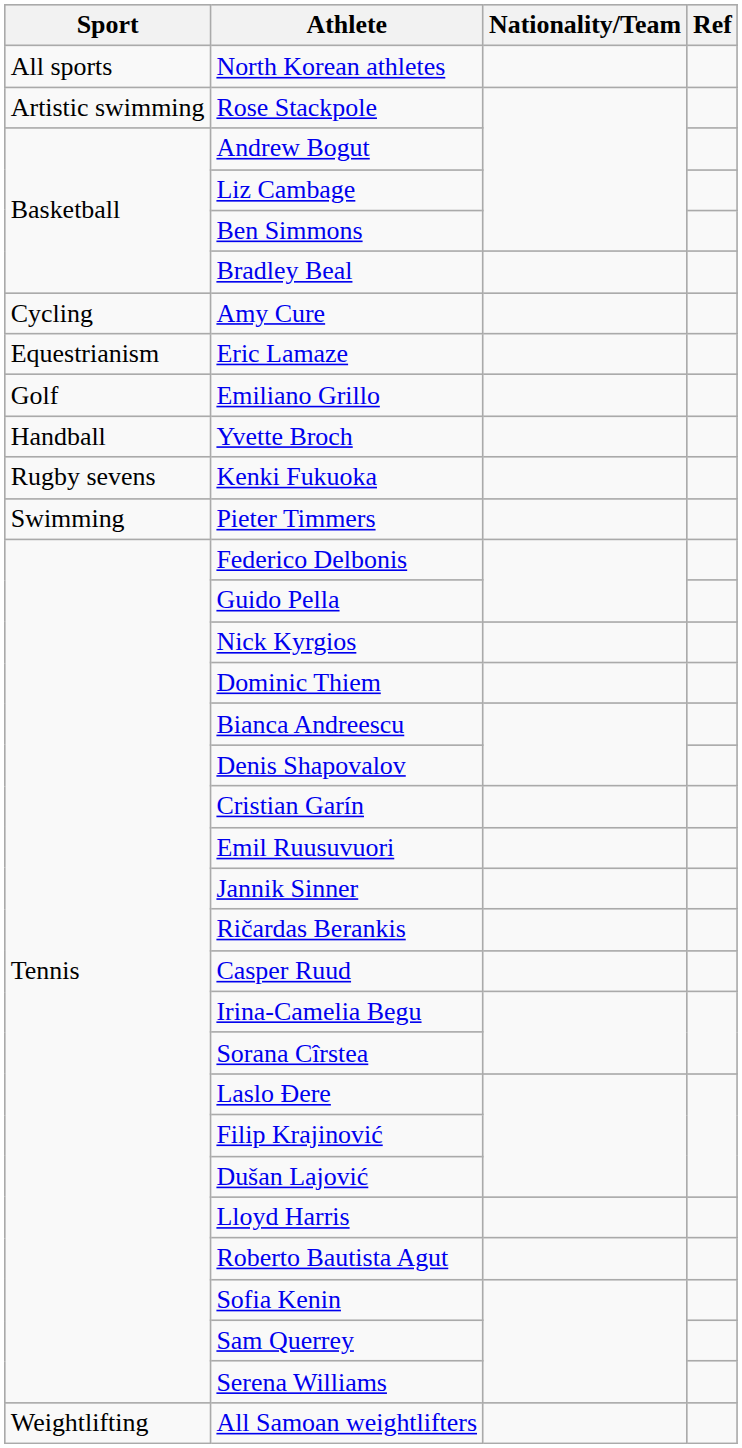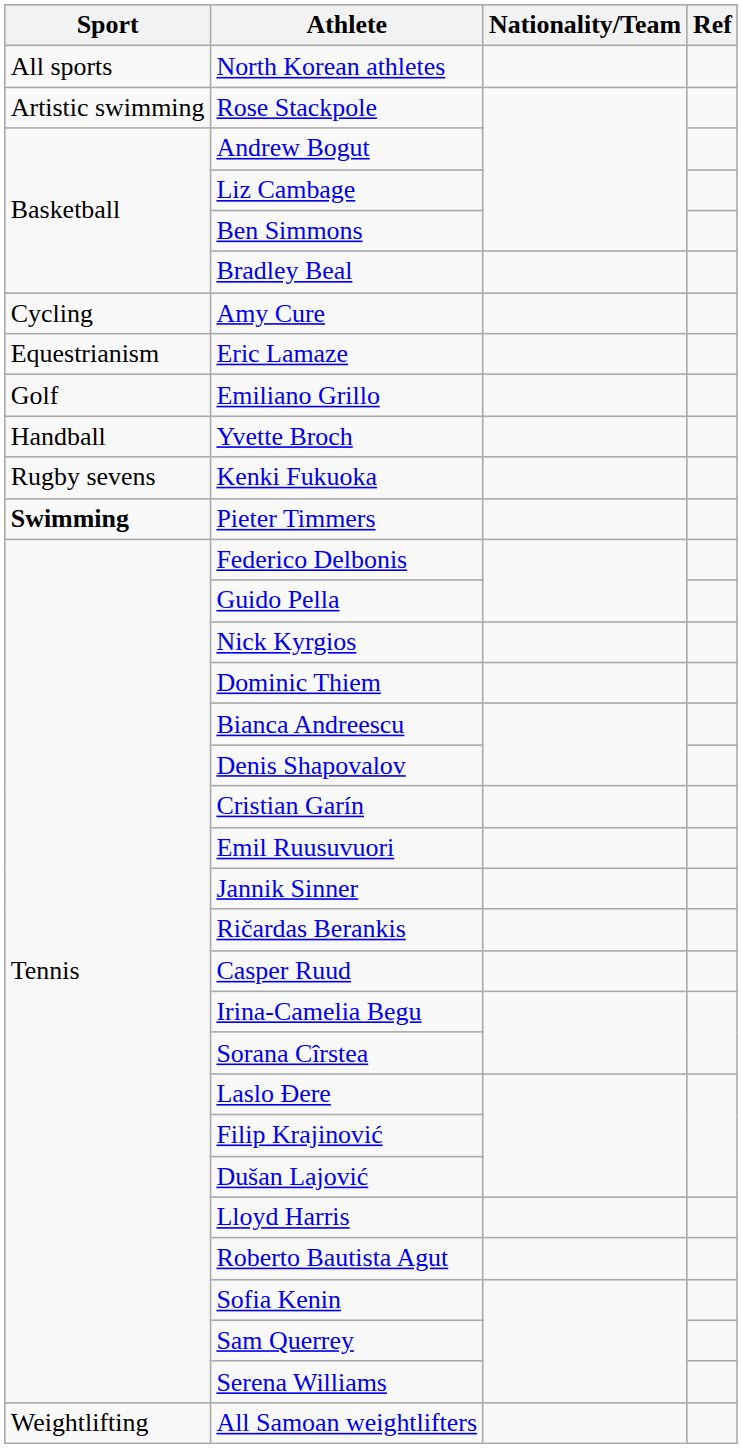 <table class="wikitable sortable">
 <tr>
 <th>Sport</th>
 <th>Athlete</th>
 <th>Nationality/Team</th>
 <th>Ref</th>
 </tr>
 <tr>
 <td>All sports</td>
 <td><a href='#'>North Korean athletes</a></td>
 <td></td>
 <td></td>
 </tr>
 <tr>
 <td>Artistic swimming</td>
 <td><a href='#'>Rose Stackpole</a></td>
 <td rowspan="4"></td>
 <td></td>
 </tr>
 <tr>
 <td rowspan="4">Basketball</td>
 <td><a href='#'>Andrew Bogut</a></td>
 <td></td>
 </tr>
 <tr>
 <td><a href='#'>Liz Cambage</a></td>
 <td></td>
 </tr>
 <tr>
 <td><a href='#'>Ben Simmons</a></td>
 <td></td>
 </tr>
 <tr>
 <td><a href='#'>Bradley Beal</a></td>
 <td></td>
 <td></td>
 </tr>
 <tr>
 <td>Cycling</td>
 <td><a href='#'>Amy Cure</a></td>
 <td></td>
 <td></td>
 </tr>
 <tr>
 <td>Equestrianism</td>
 <td><a href='#'>Eric Lamaze</a></td>
 <td></td>
 <td></td>
 </tr>
 <tr>
 <td>Golf</td>
 <td><a href='#'>Emiliano Grillo</a></td>
 <td></td>
 <td></td>
 </tr>
 <tr>
 <td>Handball</td>
 <td><a href='#'>Yvette Broch</a></td>
 <td></td>
 <td></td>
 </tr>
 <tr>
 <td>Rugby sevens</td>
 <td><a href='#'>Kenki Fukuoka</a></td>
 <td></td>
 <td></td>
 </tr>
 <tr>
-<td>Swimming</td>
+<td><strong>Swimming</strong></td>
 <td><a href='#'>Pieter Timmers</a></td>
 <td></td>
 <td></td>
 </tr>
 <tr>
 <td rowspan="21">Tennis</td>
 <td><a href='#'>Federico Delbonis</a></td>
 <td rowspan="2"></td>
 <td></td>
 </tr>
 <tr>
 <td><a href='#'>Guido Pella</a></td>
 <td></td>
 </tr>
 <tr>
 <td><a href='#'>Nick Kyrgios</a></td>
 <td></td>
 <td></td>
 </tr>
 <tr>
 <td><a href='#'>Dominic Thiem</a></td>
 <td></td>
 <td></td>
 </tr>
 <tr>
 <td><a href='#'>Bianca Andreescu</a></td>
 <td rowspan="2"></td>
 <td></td>
 </tr>
 <tr>
 <td><a href='#'>Denis Shapovalov</a></td>
 <td></td>
 </tr>
 <tr>
 <td><a href='#'>Cristian Garín</a></td>
 <td></td>
 <td></td>
 </tr>
 <tr>
 <td><a href='#'>Emil Ruusuvuori</a></td>
 <td></td>
 <td></td>
 </tr>
 <tr>
 <td><a href='#'>Jannik Sinner</a></td>
 <td></td>
 <td></td>
 </tr>
 <tr>
 <td><a href='#'>Ričardas Berankis</a></td>
 <td></td>
 <td></td>
 </tr>
 <tr>
 <td><a href='#'>Casper Ruud</a></td>
 <td></td>
 <td></td>
 </tr>
 <tr>
 <td><a href='#'>Irina-Camelia Begu</a></td>
 <td rowspan="2"></td>
 <td rowspan="2"></td>
 </tr>
 <tr>
 <td><a href='#'>Sorana Cîrstea</a></td>
 </tr>
 <tr>
 <td><a href='#'>Laslo Đere</a></td>
 <td rowspan="3"></td>
 <td rowspan="3"></td>
 </tr>
 <tr>
 <td><a href='#'>Filip Krajinović</a></td>
 </tr>
 <tr>
 <td><a href='#'>Dušan Lajović</a></td>
 </tr>
 <tr>
 <td><a href='#'>Lloyd Harris</a></td>
 <td></td>
 <td></td>
 </tr>
 <tr>
 <td><a href='#'>Roberto Bautista Agut</a></td>
 <td></td>
 <td></td>
 </tr>
 <tr>
 <td><a href='#'>Sofia Kenin</a></td>
 <td rowspan="3"></td>
 <td></td>
 </tr>
 <tr>
 <td><a href='#'>Sam Querrey</a></td>
 <td></td>
 </tr>
 <tr>
 <td><a href='#'>Serena Williams</a></td>
 <td></td>
 </tr>
 <tr>
 <td>Weightlifting</td>
 <td><a href='#'>All Samoan weightlifters</a></td>
 <td></td>
 <td></td>
 </tr>
 </table>
